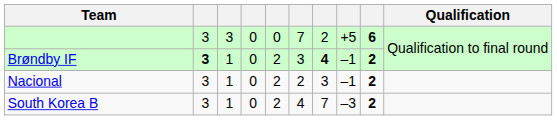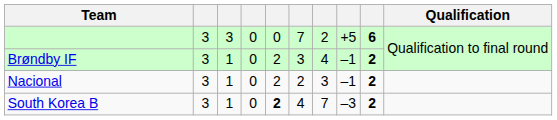 <table class="wikitable" style="text-align:center;">
 <tr>
 <th width="210">Team</th>
 <th width="20"></th>
 <th width="20"></th>
 <th width="20"></th>
 <th width="20"></th>
 <th width="20"></th>
 <th width="20"></th>
 <th width="20"></th>
 <th width="20"></th>
 <th>Qualification</th>
 </tr>
 <tr bgcolor="#ccffcc">
 <td align="left"></td>
 <td>3</td>
 <td>3</td>
 <td>0</td>
 <td>0</td>
 <td>7</td>
 <td>2</td>
 <td>+5</td>
 <td><strong>6</strong></td>
 <td rowspan="2">Qualification to final round</td>
 </tr>
 <tr bgcolor="#ccffcc">
 <td align="left"> <a href='#'>Brøndby IF</a></td>
-<td><strong>3</strong></td>
+<td>3</td>
 <td>1</td>
 <td>0</td>
 <td>2</td>
 <td>3</td>
-<td><strong>4</strong></td>
+<td>4</td>
 <td>–1</td>
 <td><strong>2</strong></td>
 </tr>
 <tr>
 <td align="left"> <a href='#'>Nacional</a></td>
 <td>3</td>
 <td>1</td>
 <td>0</td>
 <td>2</td>
 <td>2</td>
 <td>3</td>
 <td>–1</td>
 <td><strong>2</strong></td>
 <td></td>
 </tr>
 <tr>
 <td align="left"> <a href='#'>South Korea B</a></td>
 <td>3</td>
 <td>1</td>
 <td>0</td>
-<td>2</td>
+<td><strong>2</strong></td>
 <td>4</td>
 <td>7</td>
 <td>–3</td>
 <td><strong>2</strong></td>
 <td></td>
 </tr>
 </table>
